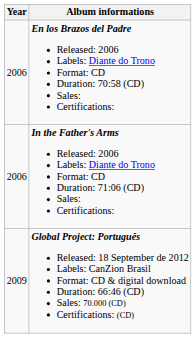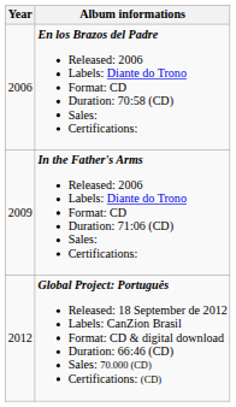 <table class="wikitable">
 <tr>
 <th>Year</th>
 <th>Album informations</th>
 </tr>
 <tr>
 <td>2006</td>
 <td><strong><em>En los Brazos del Padre</em></strong><br><ul><li>Released: 2006</li><li>Labels: <a href='#'>Diante do Trono</a></li><li>Format: CD</li><li>Duration: 70:58 (CD)</li><li>Sales:</li><li>Certifications:</li></ul></td>
 </tr>
 <tr>
-<td>2006</td>
+<td>2009</td>
 <td><strong><em>In the Father's Arms</em></strong><br><ul><li>Released: 2006</li><li>Labels: <a href='#'>Diante do Trono</a></li><li>Format: CD</li><li>Duration: 71:06 (CD)</li><li>Sales:</li><li>Certifications:</li></ul></td>
 </tr>
 <tr>
-<td>2009</td>
+<td>2012</td>
 <td><strong><em>Global Project: Português</em></strong><br><ul><li>Released: 18 September de 2012</li><li>Labels: CanZion Brasil</li><li>Format: CD & digital download</li><li>Duration: 66:46 (CD)</li><li>Sales: <small>70.000 (CD)</small></li><li>Certifications: <small> (CD)</small></li></ul></td>
 </tr>
 </table>
